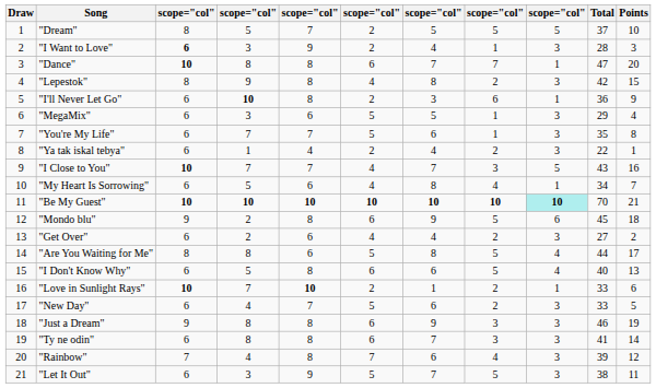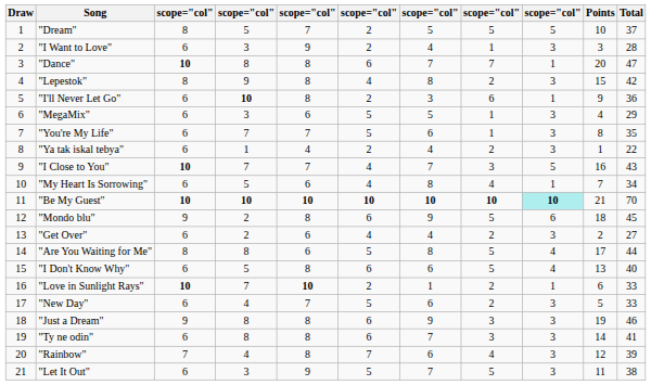 <table class="wikitable collapsible" style="margin: 1em auto 1em auto; text-align:center;">
 <tr>
 <th>Draw</th>
 <th>Song</th>
 <th>scope="col" </th>
 <th>scope="col" </th>
 <th>scope="col" </th>
 <th>scope="col" </th>
 <th>scope="col" </th>
 <th>scope="col" </th>
 <th>scope="col" </th>
+<th>Points</th>
 <th>Total</th>
-<th>Points</th>
 </tr>
 <tr>
 <td>1</td>
 <td align="left">"Dream"</td>
 <td>8</td>
 <td>5</td>
 <td>7</td>
 <td>2</td>
 <td>5</td>
 <td>5</td>
 <td>5</td>
+<td>10</td>
 <td>37</td>
-<td>10</td>
 </tr>
 <tr>
 <td>2</td>
 <td align="left">"I Want to Love"</td>
-<td><strong>6</strong></td>
+<td>6</td>
 <td>3</td>
 <td>9</td>
 <td>2</td>
 <td>4</td>
 <td>1</td>
 <td>3</td>
+<td>3</td>
 <td>28</td>
-<td>3</td>
 </tr>
 <tr>
 <td>3</td>
 <td align="left">"Dance"</td>
 <td><strong>10</strong></td>
 <td>8</td>
 <td>8</td>
 <td>6</td>
 <td>7</td>
 <td>7</td>
 <td>1</td>
+<td>20</td>
 <td>47</td>
-<td>20</td>
 </tr>
 <tr>
 <td>4</td>
 <td align="left">"Lepestok"</td>
 <td>8</td>
 <td>9</td>
 <td>8</td>
 <td>4</td>
 <td>8</td>
 <td>2</td>
 <td>3</td>
+<td>15</td>
 <td>42</td>
-<td>15</td>
 </tr>
 <tr>
 <td>5</td>
 <td align="left">"I'll Never Let Go"</td>
 <td>6</td>
 <td><strong>10</strong></td>
 <td>8</td>
 <td>2</td>
 <td>3</td>
 <td>6</td>
 <td>1</td>
+<td>9</td>
 <td>36</td>
-<td>9</td>
 </tr>
 <tr>
 <td>6</td>
 <td align="left">"MegaMix"</td>
 <td>6</td>
 <td>3</td>
 <td>6</td>
 <td>5</td>
 <td>5</td>
 <td>1</td>
 <td>3</td>
+<td>4</td>
 <td>29</td>
-<td>4</td>
 </tr>
 <tr>
 <td>7</td>
 <td align="left">"You're My Life"</td>
 <td>6</td>
 <td>7</td>
 <td>7</td>
 <td>5</td>
 <td>6</td>
 <td>1</td>
 <td>3</td>
+<td>8</td>
 <td>35</td>
-<td>8</td>
 </tr>
 <tr>
 <td>8</td>
 <td align="left">"Ya tak iskal tebya"</td>
 <td>6</td>
 <td>1</td>
 <td>4</td>
 <td>2</td>
 <td>4</td>
 <td>2</td>
 <td>3</td>
+<td>1</td>
 <td>22</td>
-<td>1</td>
 </tr>
 <tr>
 <td>9</td>
 <td align="left">"I Close to You"</td>
 <td><strong>10</strong></td>
 <td>7</td>
 <td>7</td>
 <td>4</td>
 <td>7</td>
 <td>3</td>
 <td>5</td>
+<td>16</td>
 <td>43</td>
-<td>16</td>
 </tr>
 <tr>
 <td>10</td>
 <td align="left">"My Heart Is Sorrowing"</td>
 <td>6</td>
 <td>5</td>
 <td>6</td>
 <td>4</td>
 <td>8</td>
 <td>4</td>
 <td>1</td>
+<td>7</td>
 <td>34</td>
-<td>7</td>
 </tr>
 <tr>
 <td>11</td>
 <td align="left">"Be My Guest"</td>
 <td><strong>10</strong></td>
 <td><strong>10</strong></td>
 <td><strong>10</strong></td>
 <td><strong>10</strong></td>
 <td><strong>10</strong></td>
 <td><strong>10</strong></td>
 <td style="background: paleturquoise;"><strong>10</strong></td>
+<td>21</td>
 <td>70</td>
-<td>21</td>
 </tr>
 <tr>
 <td>12</td>
 <td align="left">"Mondo blu"</td>
 <td>9</td>
 <td>2</td>
 <td>8</td>
 <td>6</td>
 <td>9</td>
 <td>5</td>
 <td>6</td>
+<td>18</td>
 <td>45</td>
-<td>18</td>
 </tr>
 <tr>
 <td>13</td>
 <td align="left">"Get Over"</td>
 <td>6</td>
 <td>2</td>
 <td>6</td>
 <td>4</td>
 <td>4</td>
 <td>2</td>
 <td>3</td>
+<td>2</td>
 <td>27</td>
-<td>2</td>
 </tr>
 <tr>
 <td>14</td>
 <td align="left">"Are You Waiting for Me"</td>
 <td>8</td>
 <td>8</td>
 <td>6</td>
 <td>5</td>
 <td>8</td>
 <td>5</td>
 <td>4</td>
+<td>17</td>
 <td>44</td>
-<td>17</td>
 </tr>
 <tr>
 <td>15</td>
 <td align="left">"I Don't Know Why"</td>
 <td>6</td>
 <td>5</td>
 <td>8</td>
 <td>6</td>
 <td>6</td>
 <td>5</td>
 <td>4</td>
+<td>13</td>
 <td>40</td>
-<td>13</td>
 </tr>
 <tr>
 <td>16</td>
 <td align="left">"Love in Sunlight Rays"</td>
 <td><strong>10</strong></td>
 <td>7</td>
 <td><strong>10</strong></td>
 <td>2</td>
 <td>1</td>
 <td>2</td>
 <td>1</td>
+<td>6</td>
 <td>33</td>
-<td>6</td>
 </tr>
 <tr>
 <td>17</td>
 <td align="left">"New Day"</td>
 <td>6</td>
 <td>4</td>
 <td>7</td>
 <td>5</td>
 <td>6</td>
 <td>2</td>
 <td>3</td>
+<td>5</td>
 <td>33</td>
-<td>5</td>
 </tr>
 <tr>
 <td>18</td>
 <td align="left">"Just a Dream"</td>
 <td>9</td>
 <td>8</td>
 <td>8</td>
 <td>6</td>
 <td>9</td>
 <td>3</td>
 <td>3</td>
+<td>19</td>
 <td>46</td>
-<td>19</td>
 </tr>
 <tr>
 <td>19</td>
 <td align="left">"Ty ne odin"</td>
 <td>6</td>
 <td>8</td>
 <td>8</td>
 <td>6</td>
 <td>7</td>
 <td>3</td>
 <td>3</td>
+<td>14</td>
 <td>41</td>
-<td>14</td>
 </tr>
 <tr>
 <td>20</td>
 <td align="left">"Rainbow"</td>
 <td>7</td>
 <td>4</td>
 <td>8</td>
 <td>7</td>
 <td>6</td>
 <td>4</td>
 <td>3</td>
+<td>12</td>
 <td>39</td>
-<td>12</td>
 </tr>
 <tr>
 <td>21</td>
 <td align="left">"Let It Out"</td>
 <td>6</td>
 <td>3</td>
 <td>9</td>
 <td>5</td>
 <td>7</td>
 <td>5</td>
 <td>3</td>
+<td>11</td>
 <td>38</td>
-<td>11</td>
 </tr>
 </table>
